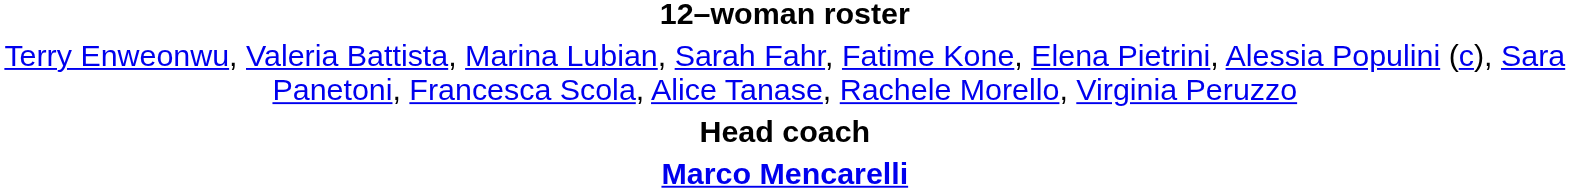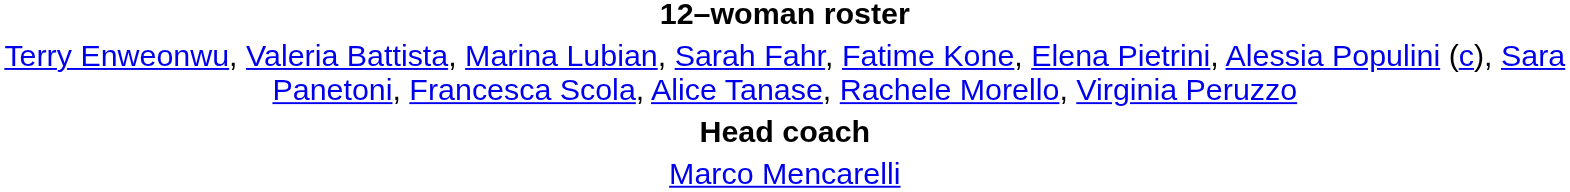 <table style="text-align: center; margin-top: 2em; margin-left: auto; margin-right: auto">
 <tr>
 <td><strong>12–woman roster</strong></td>
 </tr>
 <tr>
 <td><a href='#'>Terry Enweonwu</a>, <a href='#'>Valeria Battista</a>, <a href='#'>Marina Lubian</a>, <a href='#'>Sarah Fahr</a>, <a href='#'>Fatime Kone</a>, <a href='#'>Elena Pietrini</a>, <a href='#'>Alessia Populini</a>  (<a href='#'>c</a>), <a href='#'>Sara Panetoni</a>, <a href='#'>Francesca Scola</a>, <a href='#'>Alice Tanase</a>, <a href='#'>Rachele Morello</a>, <a href='#'>Virginia Peruzzo</a></td>
 </tr>
 <tr>
 <td><strong>Head coach</strong></td>
 </tr>
 <tr>
-<td><strong><a href='#'>Marco Mencarelli</a></strong></td>
+<td><a href='#'>Marco Mencarelli</a></td>
 </tr>
 </table>
